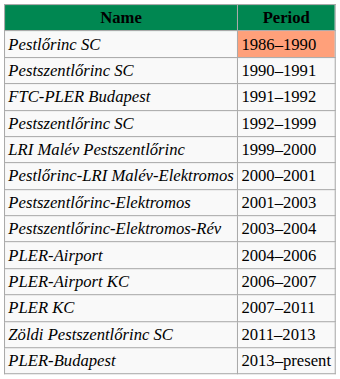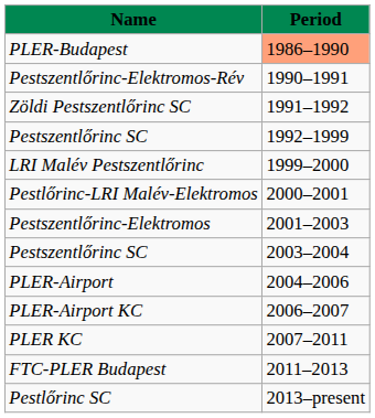 <table class="wikitable" style="text-align: left">
 <tr>
 <th style="color:black; background:#008751">Name</th>
 <th style="color:black; background:#008751">Period</th>
 </tr>
 <tr>
-<td align=left><em>Pestlőrinc SC</em></td>
+<td align=left><em>PLER-Budapest</em></td>
 <td style="background: lightsalmon;">1986–1990</td>
 </tr>
 <tr>
-<td align=left><em>Pestszentlőrinc SC</em></td>
+<td align=left><em>Pestszentlőrinc-Elektromos-Rév</em></td>
 <td>1990–1991</td>
 </tr>
 <tr>
-<td align=left><em>FTC-PLER Budapest</em></td>
+<td align=left><em>Zöldi Pestszentlőrinc SC</em></td>
 <td>1991–1992</td>
 </tr>
 <tr>
 <td align=left><em>Pestszentlőrinc SC</em></td>
 <td>1992–1999</td>
 </tr>
 <tr>
 <td align=left><em>LRI Malév Pestszentlőrinc</em></td>
 <td>1999–2000</td>
 </tr>
 <tr>
 <td align=left><em>Pestlőrinc-LRI Malév-Elektromos</em></td>
 <td>2000–2001</td>
 </tr>
 <tr>
 <td align=left><em>Pestszentlőrinc-Elektromos</em></td>
 <td>2001–2003</td>
 </tr>
 <tr>
-<td align=left><em>Pestszentlőrinc-Elektromos-Rév</em></td>
+<td align=left><em>Pestszentlőrinc SC</em></td>
 <td>2003–2004</td>
 </tr>
 <tr>
 <td align=left><em>PLER-Airport</em></td>
 <td>2004–2006</td>
 </tr>
 <tr>
 <td align=left><em>PLER-Airport KC</em></td>
 <td>2006–2007</td>
 </tr>
 <tr>
 <td align=left><em>PLER KC</em></td>
 <td>2007–2011</td>
 </tr>
 <tr>
-<td align=left><em>Zöldi Pestszentlőrinc SC</em></td>
+<td align=left><em>FTC-PLER Budapest</em></td>
 <td>2011–2013</td>
 </tr>
 <tr>
-<td align=left><em>PLER-Budapest</em></td>
+<td align=left><em>Pestlőrinc SC</em></td>
 <td>2013–present</td>
 </tr>
 </table>
